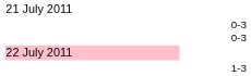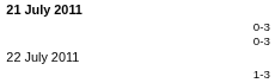 <table style="width:50%;" cellspacing="1">
 <tr>
 <th width=15%></th>
 <th width=10%></th>
 <th width=15%></th>
 </tr>
 <tr>
-<td>21 July 2011</td>
+<td><strong>21 July 2011</strong></td>
 </tr>
 <tr style=font-size:90%>
 <td align=right></td>
 <td align=center>0-3</td>
 <td></td>
 </tr>
 <tr style=font-size:90%>
 <td align=right></td>
 <td align=center>0-3</td>
 <td></td>
 </tr>
 <tr>
-<td style="background: pink;">22 July 2011</td>
+<td>22 July 2011</td>
 </tr>
 <tr style=font-size:90%>
 <td align=right></td>
 <td align=center>1-3</td>
 <td></td>
 </tr>
 </table>
